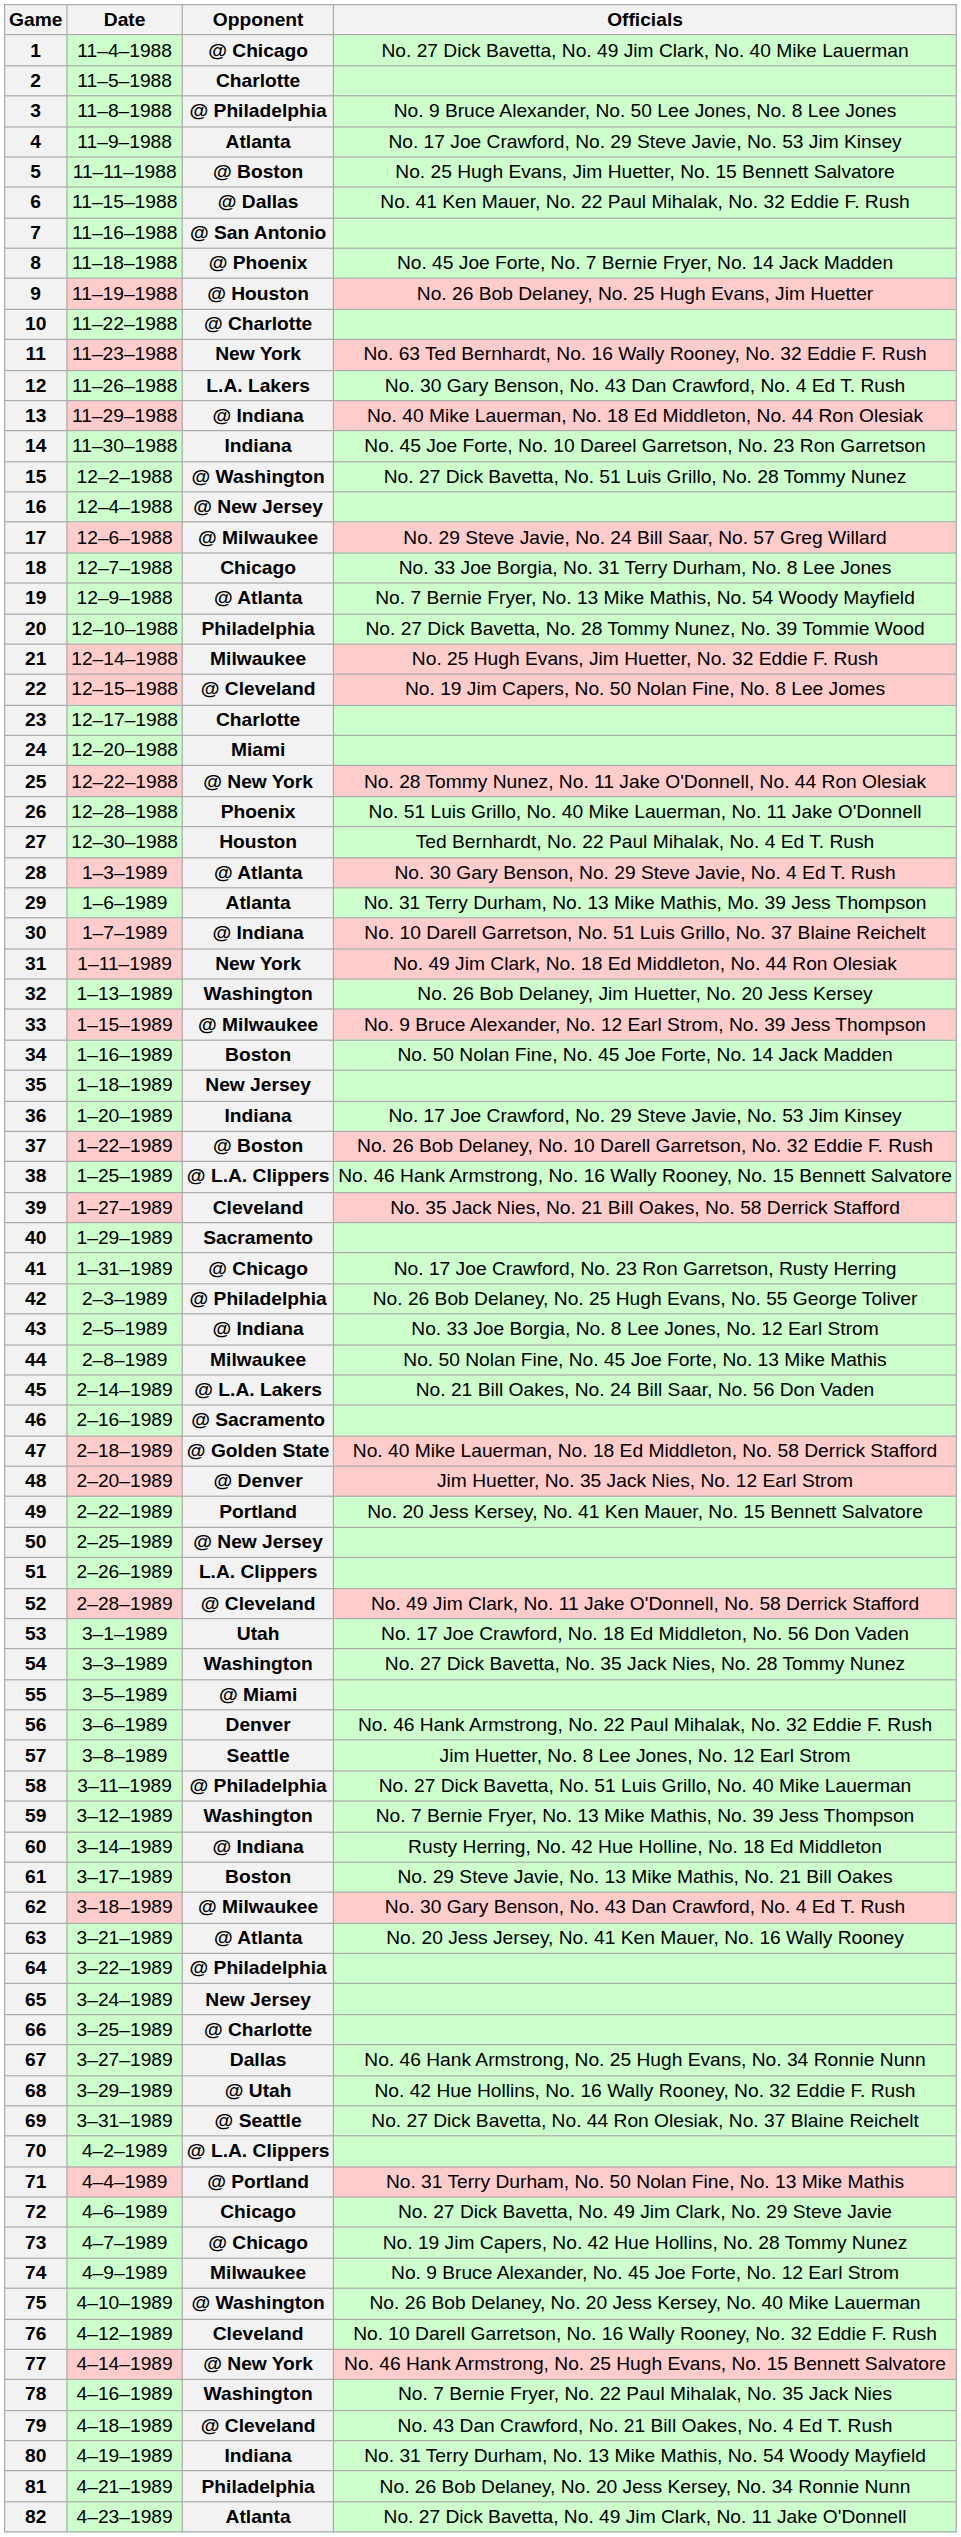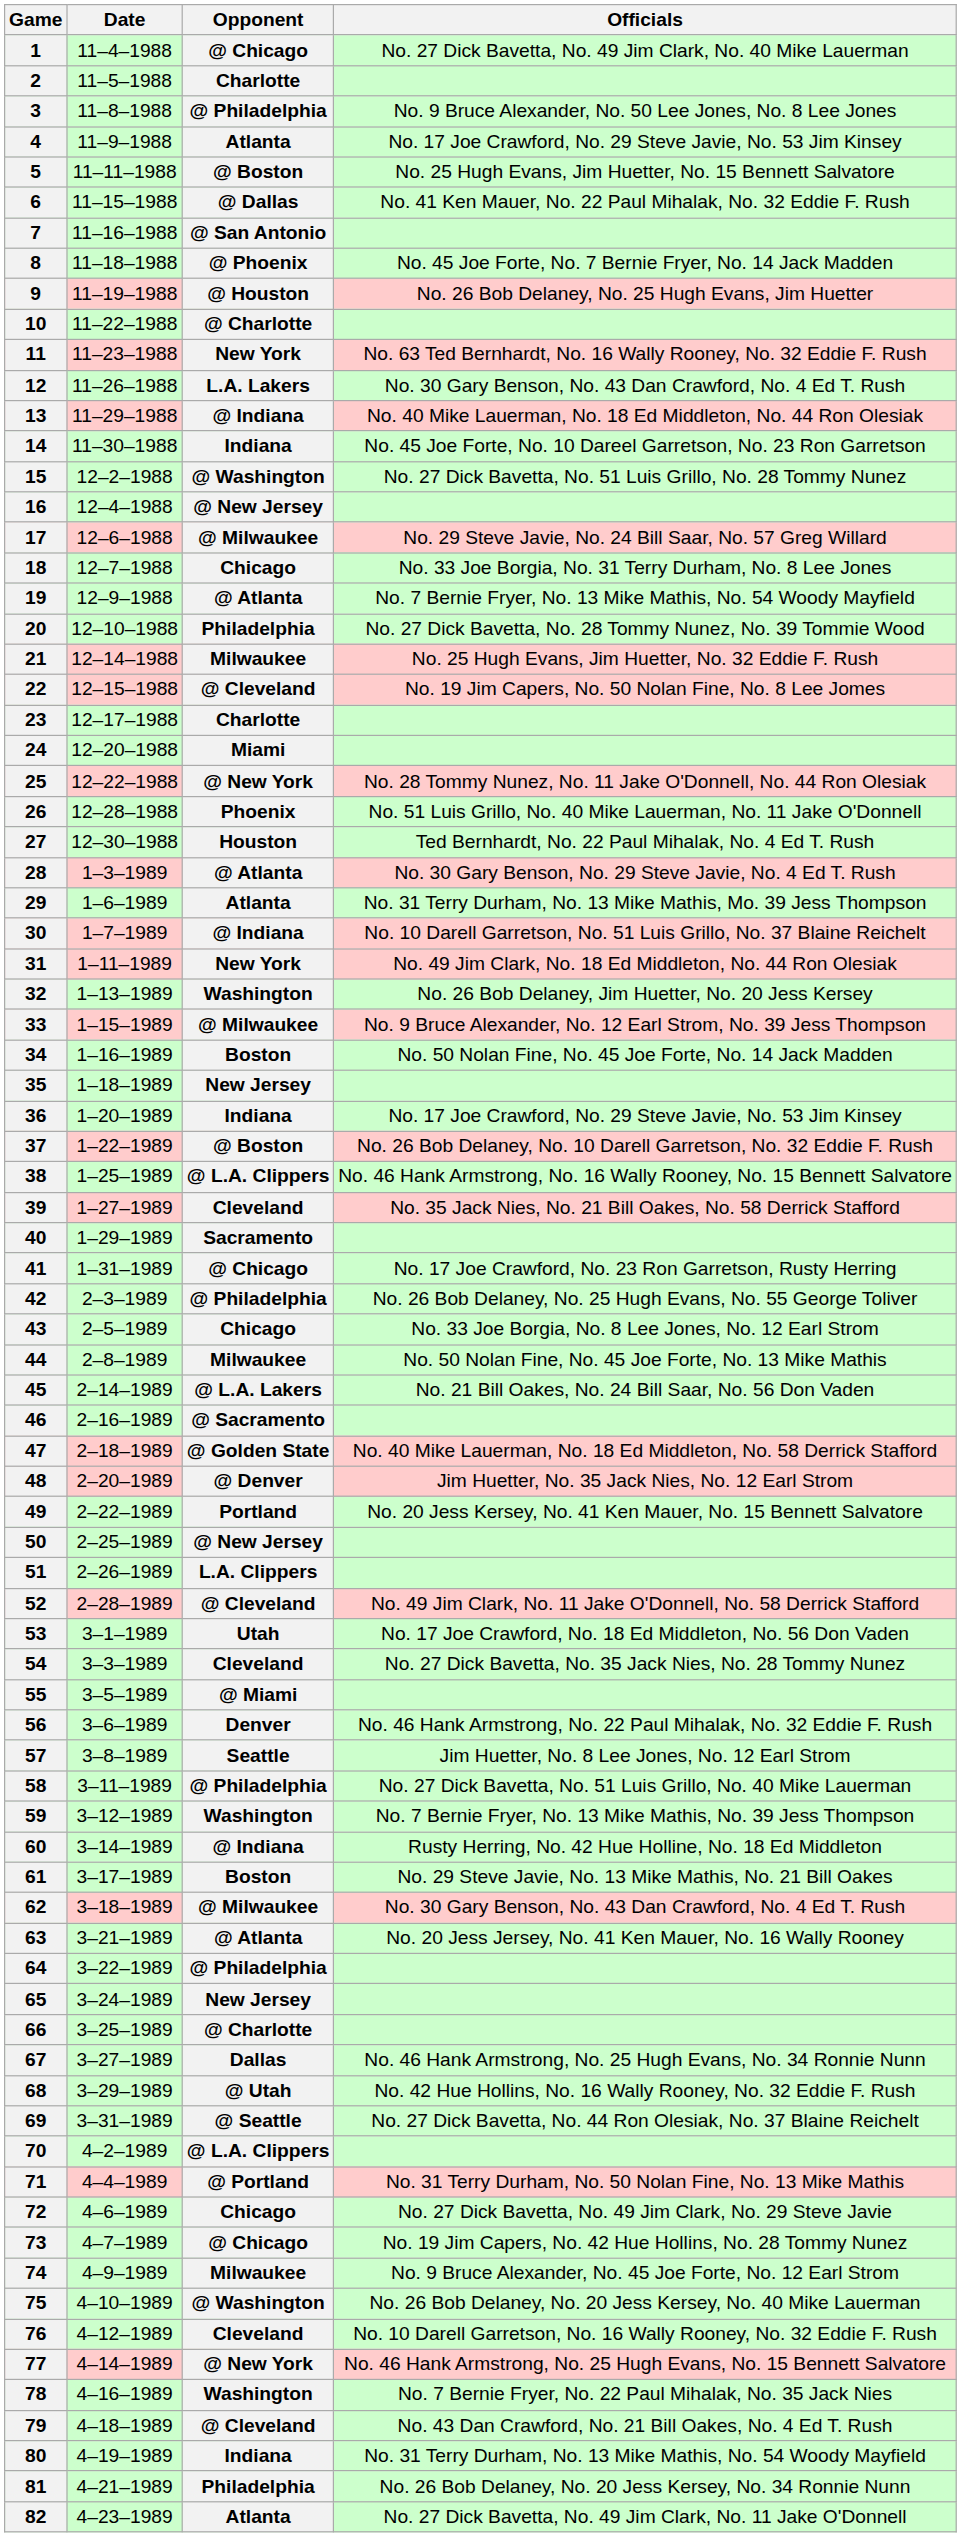 <table class="wikitable">
 <tr>
 <th>Game</th>
 <th>Date</th>
 <th>Opponent</th>
 <th>Officials</th>
 </tr>
 <tr align="center" bgcolor="#ccffcc">
 <th>1</th>
 <td>11–4–1988</td>
 <th>@ Chicago</th>
 <td>No. 27 Dick Bavetta, No. 49 Jim Clark, No. 40 Mike Lauerman</td>
 </tr>
 <tr align="center" bgcolor="#ccffcc">
 <th>2</th>
 <td>11–5–1988</td>
 <th>Charlotte</th>
 <td></td>
 </tr>
 <tr align="center" bgcolor="#ccffcc">
 <th>3</th>
 <td>11–8–1988</td>
 <th>@ Philadelphia</th>
 <td>No. 9 Bruce Alexander, No. 50 Lee Jones, No. 8 Lee Jones</td>
 </tr>
 <tr align="center" bgcolor="#ccffcc">
 <th>4</th>
 <td>11–9–1988</td>
 <th>Atlanta</th>
 <td>No. 17 Joe Crawford, No. 29 Steve Javie, No. 53 Jim Kinsey</td>
 </tr>
 <tr align="center" bgcolor="#ccffcc">
 <th>5</th>
 <td>11–11–1988</td>
 <th>@ Boston</th>
 <td>No. 25 Hugh Evans, Jim Huetter, No. 15 Bennett Salvatore</td>
 </tr>
 <tr align="center" bgcolor="#ccffcc">
 <th>6</th>
 <td>11–15–1988</td>
 <th>@ Dallas</th>
 <td>No. 41 Ken Mauer, No. 22 Paul Mihalak, No. 32 Eddie F. Rush</td>
 </tr>
 <tr align="center" bgcolor="#ccffcc">
 <th>7</th>
 <td>11–16–1988</td>
 <th>@ San Antonio</th>
 <td></td>
 </tr>
 <tr align="center" bgcolor="#ccffcc">
 <th>8</th>
 <td>11–18–1988</td>
 <th>@ Phoenix</th>
 <td>No. 45 Joe Forte, No. 7 Bernie Fryer, No. 14 Jack Madden</td>
 </tr>
 <tr align="center" bgcolor="#ffcccc">
 <th>9</th>
 <td>11–19–1988</td>
 <th>@ Houston</th>
 <td>No. 26 Bob Delaney, No. 25 Hugh Evans, Jim Huetter</td>
 </tr>
 <tr align="center" bgcolor="#ccffcc">
 <th>10</th>
 <td>11–22–1988</td>
 <th>@ Charlotte</th>
 <td></td>
 </tr>
 <tr align="center" bgcolor="#ffcccc">
 <th>11</th>
 <td>11–23–1988</td>
 <th>New York</th>
 <td>No. 63 Ted Bernhardt, No. 16 Wally Rooney, No. 32 Eddie F. Rush</td>
 </tr>
 <tr align="center" bgcolor="#ccffcc">
 <th>12</th>
 <td>11–26–1988</td>
 <th>L.A. Lakers</th>
 <td>No. 30 Gary Benson, No. 43 Dan Crawford, No. 4 Ed T. Rush</td>
 </tr>
 <tr align="center" bgcolor="#ffcccc">
 <th>13</th>
 <td>11–29–1988</td>
 <th>@ Indiana</th>
 <td>No. 40 Mike Lauerman, No. 18 Ed Middleton, No. 44 Ron Olesiak</td>
 </tr>
 <tr align="center" bgcolor="#ccffcc">
 <th>14</th>
 <td>11–30–1988</td>
 <th>Indiana</th>
 <td>No. 45 Joe Forte, No. 10 Dareel Garretson, No. 23 Ron Garretson</td>
 </tr>
 <tr align="center" bgcolor="#ccffcc">
 <th>15</th>
 <td>12–2–1988</td>
 <th>@ Washington</th>
 <td>No. 27 Dick Bavetta, No. 51 Luis Grillo, No. 28 Tommy Nunez</td>
 </tr>
 <tr align="center" bgcolor="#ccffcc">
 <th>16</th>
 <td>12–4–1988</td>
 <th>@ New Jersey</th>
 <td></td>
 </tr>
 <tr align="center" bgcolor="#ffcccc">
 <th>17</th>
 <td>12–6–1988</td>
 <th>@ Milwaukee</th>
 <td>No. 29 Steve Javie, No. 24 Bill Saar, No. 57 Greg Willard</td>
 </tr>
 <tr align="center" bgcolor="#ccffcc">
 <th>18</th>
 <td>12–7–1988</td>
 <th>Chicago</th>
 <td>No. 33 Joe Borgia, No. 31 Terry Durham, No. 8 Lee Jones</td>
 </tr>
 <tr align="center" bgcolor="#ccffcc">
 <th>19</th>
 <td>12–9–1988</td>
 <th>@ Atlanta</th>
 <td>No. 7 Bernie Fryer, No. 13 Mike Mathis, No. 54 Woody Mayfield</td>
 </tr>
 <tr align="center" bgcolor="#ccffcc">
 <th>20</th>
 <td>12–10–1988</td>
 <th>Philadelphia</th>
 <td>No. 27 Dick Bavetta, No. 28 Tommy Nunez, No. 39 Tommie Wood</td>
 </tr>
 <tr align="center" bgcolor="#ffcccc">
 <th>21</th>
 <td>12–14–1988</td>
 <th>Milwaukee</th>
 <td>No. 25 Hugh Evans, Jim Huetter, No. 32 Eddie F. Rush</td>
 </tr>
 <tr align="center" bgcolor="#ffcccc">
 <th>22</th>
 <td>12–15–1988</td>
 <th>@ Cleveland</th>
 <td>No. 19 Jim Capers, No. 50 Nolan Fine, No. 8 Lee Jomes</td>
 </tr>
 <tr align="center" bgcolor="#ccffcc">
 <th>23</th>
 <td>12–17–1988</td>
 <th>Charlotte</th>
 <td></td>
 </tr>
 <tr align="center" bgcolor="#ccffcc">
 <th>24</th>
 <td>12–20–1988</td>
 <th>Miami</th>
 <td></td>
 </tr>
 <tr align="center" bgcolor="#ffcccc">
 <th>25</th>
 <td>12–22–1988</td>
 <th>@ New York</th>
 <td>No. 28 Tommy Nunez, No. 11 Jake O'Donnell, No. 44 Ron Olesiak</td>
 </tr>
 <tr align="center" bgcolor="#ccffcc">
 <th>26</th>
 <td>12–28–1988</td>
 <th>Phoenix</th>
 <td>No. 51 Luis Grillo, No. 40 Mike Lauerman, No. 11 Jake O'Donnell</td>
 </tr>
 <tr align="center" bgcolor="#ccffcc">
 <th>27</th>
 <td>12–30–1988</td>
 <th>Houston</th>
 <td>Ted Bernhardt, No. 22 Paul Mihalak, No. 4 Ed T. Rush</td>
 </tr>
 <tr align="center" bgcolor="#ffcccc">
 <th>28</th>
 <td>1–3–1989</td>
 <th>@ Atlanta</th>
 <td>No. 30 Gary Benson, No. 29 Steve Javie, No. 4 Ed T. Rush</td>
 </tr>
 <tr align="center" bgcolor="#ccffcc">
 <th>29</th>
 <td>1–6–1989</td>
 <th>Atlanta</th>
 <td>No. 31 Terry Durham, No. 13 Mike Mathis, Mo. 39 Jess Thompson</td>
 </tr>
 <tr align="center" bgcolor="#ffcccc">
 <th>30</th>
 <td>1–7–1989</td>
 <th>@ Indiana</th>
 <td>No. 10 Darell Garretson, No. 51 Luis Grillo, No. 37 Blaine Reichelt</td>
 </tr>
 <tr align="center" bgcolor="#ffcccc">
 <th>31</th>
 <td>1–11–1989</td>
 <th>New York</th>
 <td>No. 49 Jim Clark, No. 18 Ed Middleton, No. 44 Ron Olesiak</td>
 </tr>
 <tr align="center" bgcolor="#ccffcc">
 <th>32</th>
 <td>1–13–1989</td>
 <th>Washington</th>
 <td>No. 26 Bob Delaney, Jim Huetter, No. 20 Jess Kersey</td>
 </tr>
 <tr align="center" bgcolor="#ffcccc">
 <th>33</th>
 <td>1–15–1989</td>
 <th>@ Milwaukee</th>
 <td>No. 9 Bruce Alexander, No. 12 Earl Strom, No. 39 Jess Thompson</td>
 </tr>
 <tr align="center" bgcolor="#ccffcc">
 <th>34</th>
 <td>1–16–1989</td>
 <th>Boston</th>
 <td>No. 50 Nolan Fine, No. 45 Joe Forte, No. 14 Jack Madden</td>
 </tr>
 <tr align="center" bgcolor="#ccffcc">
 <th>35</th>
 <td>1–18–1989</td>
 <th>New Jersey</th>
 <td></td>
 </tr>
 <tr align="center" bgcolor="#ccffcc">
 <th>36</th>
 <td>1–20–1989</td>
 <th>Indiana</th>
 <td>No. 17 Joe Crawford, No. 29 Steve Javie, No. 53 Jim Kinsey</td>
 </tr>
 <tr align="center" bgcolor="#ffcccc">
 <th>37</th>
 <td>1–22–1989</td>
 <th>@ Boston</th>
 <td>No. 26 Bob Delaney, No. 10 Darell Garretson, No. 32 Eddie F. Rush</td>
 </tr>
 <tr align="center" bgcolor="#ccffcc">
 <th>38</th>
 <td>1–25–1989</td>
 <th>@ L.A. Clippers</th>
 <td>No. 46 Hank Armstrong, No. 16 Wally Rooney, No. 15 Bennett Salvatore</td>
 </tr>
 <tr align="center" bgcolor="#ffcccc">
 <th>39</th>
 <td>1–27–1989</td>
 <th>Cleveland</th>
 <td>No. 35 Jack Nies, No. 21 Bill Oakes, No. 58 Derrick Stafford</td>
 </tr>
 <tr align="center" bgcolor="#ccffcc">
 <th>40</th>
 <td>1–29–1989</td>
 <th>Sacramento</th>
 <td></td>
 </tr>
 <tr align="center" bgcolor="#ccffcc">
 <th>41</th>
 <td>1–31–1989</td>
 <th>@ Chicago</th>
 <td>No. 17 Joe Crawford, No. 23 Ron Garretson, Rusty Herring</td>
 </tr>
 <tr align="center" bgcolor="#ccffcc">
 <th>42</th>
 <td>2–3–1989</td>
 <th>@ Philadelphia</th>
 <td>No. 26 Bob Delaney, No. 25 Hugh Evans, No. 55 George Toliver</td>
 </tr>
 <tr align="center" bgcolor="#ccffcc">
 <th>43</th>
 <td>2–5–1989</td>
-<th>@ Indiana</th>
+<th>Chicago</th>
 <td>No. 33 Joe Borgia, No. 8 Lee Jones, No. 12 Earl Strom</td>
 </tr>
 <tr align="center" bgcolor="#ccffcc">
 <th>44</th>
 <td>2–8–1989</td>
 <th>Milwaukee</th>
 <td>No. 50 Nolan Fine, No. 45 Joe Forte, No. 13 Mike Mathis</td>
 </tr>
 <tr align="center" bgcolor="#ccffcc">
 <th>45</th>
 <td>2–14–1989</td>
 <th>@ L.A. Lakers</th>
 <td>No. 21 Bill Oakes, No. 24 Bill Saar, No. 56 Don Vaden</td>
 </tr>
 <tr align="center" bgcolor="#ccffcc">
 <th>46</th>
 <td>2–16–1989</td>
 <th>@ Sacramento</th>
 <td></td>
 </tr>
 <tr align="center" bgcolor="#ffcccc">
 <th>47</th>
 <td>2–18–1989</td>
 <th>@ Golden State</th>
 <td>No. 40 Mike Lauerman, No. 18 Ed Middleton, No. 58 Derrick Stafford</td>
 </tr>
 <tr align="center" bgcolor="#ffcccc">
 <th>48</th>
 <td>2–20–1989</td>
 <th>@ Denver</th>
 <td>Jim Huetter, No. 35 Jack Nies, No. 12 Earl Strom</td>
 </tr>
 <tr align="center" bgcolor="#ccffcc">
 <th>49</th>
 <td>2–22–1989</td>
 <th>Portland</th>
 <td>No. 20 Jess Kersey, No. 41 Ken Mauer, No. 15 Bennett Salvatore</td>
 </tr>
 <tr align="center" bgcolor="#ccffcc">
 <th>50</th>
 <td>2–25–1989</td>
 <th>@ New Jersey</th>
 <td></td>
 </tr>
 <tr align="center" bgcolor="#ccffcc">
 <th>51</th>
 <td>2–26–1989</td>
 <th>L.A. Clippers</th>
 <td></td>
 </tr>
 <tr align="center" bgcolor="#ffcccc">
 <th>52</th>
 <td>2–28–1989</td>
 <th>@ Cleveland</th>
 <td>No. 49 Jim Clark, No. 11 Jake O'Donnell, No. 58 Derrick Stafford</td>
 </tr>
 <tr align="center" bgcolor="#ccffcc">
 <th>53</th>
 <td>3–1–1989</td>
 <th>Utah</th>
 <td>No. 17 Joe Crawford, No. 18 Ed Middleton, No. 56 Don Vaden</td>
 </tr>
 <tr align="center" bgcolor="#ccffcc">
 <th>54</th>
 <td>3–3–1989</td>
-<th>Washington</th>
+<th>Cleveland</th>
 <td>No. 27 Dick Bavetta, No. 35 Jack Nies, No. 28 Tommy Nunez</td>
 </tr>
 <tr align="center" bgcolor="#ccffcc">
 <th>55</th>
 <td>3–5–1989</td>
 <th>@ Miami</th>
 <td></td>
 </tr>
 <tr align="center" bgcolor="#ccffcc">
 <th>56</th>
 <td>3–6–1989</td>
 <th>Denver</th>
 <td>No. 46 Hank Armstrong, No. 22 Paul Mihalak, No. 32 Eddie F. Rush</td>
 </tr>
 <tr align="center" bgcolor="#ccffcc">
 <th>57</th>
 <td>3–8–1989</td>
 <th>Seattle</th>
 <td>Jim Huetter, No. 8 Lee Jones, No. 12 Earl Strom</td>
 </tr>
 <tr align="center" bgcolor="#ccffcc">
 <th>58</th>
 <td>3–11–1989</td>
 <th>@ Philadelphia</th>
 <td>No. 27 Dick Bavetta, No. 51 Luis Grillo, No. 40 Mike Lauerman</td>
 </tr>
 <tr align="center" bgcolor="#ccffcc">
 <th>59</th>
 <td>3–12–1989</td>
 <th>Washington</th>
 <td>No. 7 Bernie Fryer, No. 13 Mike Mathis, No. 39 Jess Thompson</td>
 </tr>
 <tr align="center" bgcolor="#ccffcc">
 <th>60</th>
 <td>3–14–1989</td>
 <th>@ Indiana</th>
 <td>Rusty Herring, No. 42 Hue Holline, No. 18 Ed Middleton</td>
 </tr>
 <tr align="center" bgcolor="#ccffcc">
 <th>61</th>
 <td>3–17–1989</td>
 <th>Boston</th>
 <td>No. 29 Steve Javie, No. 13 Mike Mathis, No. 21 Bill Oakes</td>
 </tr>
 <tr align="center" bgcolor="#ffcccc">
 <th>62</th>
 <td>3–18–1989</td>
 <th>@ Milwaukee</th>
 <td>No. 30 Gary Benson, No. 43 Dan Crawford, No. 4 Ed T. Rush</td>
 </tr>
 <tr align="center" bgcolor="#ccffcc">
 <th>63</th>
 <td>3–21–1989</td>
 <th>@ Atlanta</th>
 <td>No. 20 Jess Jersey, No. 41 Ken Mauer, No. 16 Wally Rooney</td>
 </tr>
 <tr align="center" bgcolor="#ccffcc">
 <th>64</th>
 <td>3–22–1989</td>
 <th>@ Philadelphia</th>
 <td></td>
 </tr>
 <tr align="center" bgcolor="#ccffcc">
 <th>65</th>
 <td>3–24–1989</td>
 <th>New Jersey</th>
 <td></td>
 </tr>
 <tr align="center" bgcolor="#ccffcc">
 <th>66</th>
 <td>3–25–1989</td>
 <th>@ Charlotte</th>
 <td></td>
 </tr>
 <tr align="center" bgcolor="#ccffcc">
 <th>67</th>
 <td>3–27–1989</td>
 <th>Dallas</th>
 <td>No. 46 Hank Armstrong, No. 25 Hugh Evans, No. 34 Ronnie Nunn</td>
 </tr>
 <tr align="center" bgcolor="#ccffcc">
 <th>68</th>
 <td>3–29–1989</td>
 <th>@ Utah</th>
 <td>No. 42 Hue Hollins, No. 16 Wally Rooney, No. 32 Eddie F. Rush</td>
 </tr>
 <tr align="center" bgcolor="#ccffcc">
 <th>69</th>
 <td>3–31–1989</td>
 <th>@ Seattle</th>
 <td>No. 27 Dick Bavetta, No. 44 Ron Olesiak, No. 37 Blaine Reichelt</td>
 </tr>
 <tr align="center" bgcolor="#ccffcc">
 <th>70</th>
 <td>4–2–1989</td>
 <th>@ L.A. Clippers</th>
 <td></td>
 </tr>
 <tr align="center" bgcolor="#ffcccc">
 <th>71</th>
 <td>4–4–1989</td>
 <th>@ Portland</th>
 <td>No. 31 Terry Durham, No. 50 Nolan Fine, No. 13 Mike Mathis</td>
 </tr>
 <tr align="center" bgcolor="#ccffcc">
 <th>72</th>
 <td>4–6–1989</td>
 <th>Chicago</th>
 <td>No. 27 Dick Bavetta, No. 49 Jim Clark, No. 29 Steve Javie</td>
 </tr>
 <tr align="center" bgcolor="#ccffcc">
 <th>73</th>
 <td>4–7–1989</td>
 <th>@ Chicago</th>
 <td>No. 19 Jim Capers, No. 42 Hue Hollins, No. 28 Tommy Nunez</td>
 </tr>
 <tr align="center" bgcolor="#ccffcc">
 <th>74</th>
 <td>4–9–1989</td>
 <th>Milwaukee</th>
 <td>No. 9 Bruce Alexander, No. 45 Joe Forte, No. 12 Earl Strom</td>
 </tr>
 <tr align="center" bgcolor="#ccffcc">
 <th>75</th>
 <td>4–10–1989</td>
 <th>@ Washington</th>
 <td>No. 26 Bob Delaney, No. 20 Jess Kersey, No. 40 Mike Lauerman</td>
 </tr>
 <tr align="center" bgcolor="#ccffcc">
 <th>76</th>
 <td>4–12–1989</td>
 <th>Cleveland</th>
 <td>No. 10 Darell Garretson, No. 16 Wally Rooney, No. 32 Eddie F. Rush</td>
 </tr>
 <tr align="center" bgcolor="#ffcccc">
 <th>77</th>
 <td>4–14–1989</td>
 <th>@ New York</th>
 <td>No. 46 Hank Armstrong, No. 25 Hugh Evans, No. 15 Bennett Salvatore</td>
 </tr>
 <tr align="center" bgcolor="#ccffcc">
 <th>78</th>
 <td>4–16–1989</td>
 <th>Washington</th>
 <td>No. 7 Bernie Fryer, No. 22 Paul Mihalak, No. 35 Jack Nies</td>
 </tr>
 <tr align="center" bgcolor="#ccffcc">
 <th>79</th>
 <td>4–18–1989</td>
 <th>@ Cleveland</th>
 <td>No. 43 Dan Crawford, No. 21 Bill Oakes, No. 4 Ed T. Rush</td>
 </tr>
 <tr align="center" bgcolor="#ccffcc">
 <th>80</th>
 <td>4–19–1989</td>
 <th>Indiana</th>
 <td>No. 31 Terry Durham, No. 13 Mike Mathis, No. 54 Woody Mayfield</td>
 </tr>
 <tr align="center" bgcolor="#ccffcc">
 <th>81</th>
 <td>4–21–1989</td>
 <th>Philadelphia</th>
 <td>No. 26 Bob Delaney, No. 20 Jess Kersey, No. 34 Ronnie Nunn</td>
 </tr>
 <tr align="center" bgcolor="#ccffcc">
 <th>82</th>
 <td>4–23–1989</td>
 <th>Atlanta</th>
 <td>No. 27 Dick Bavetta, No. 49 Jim Clark, No. 11 Jake O'Donnell</td>
 </tr>
 </table>
